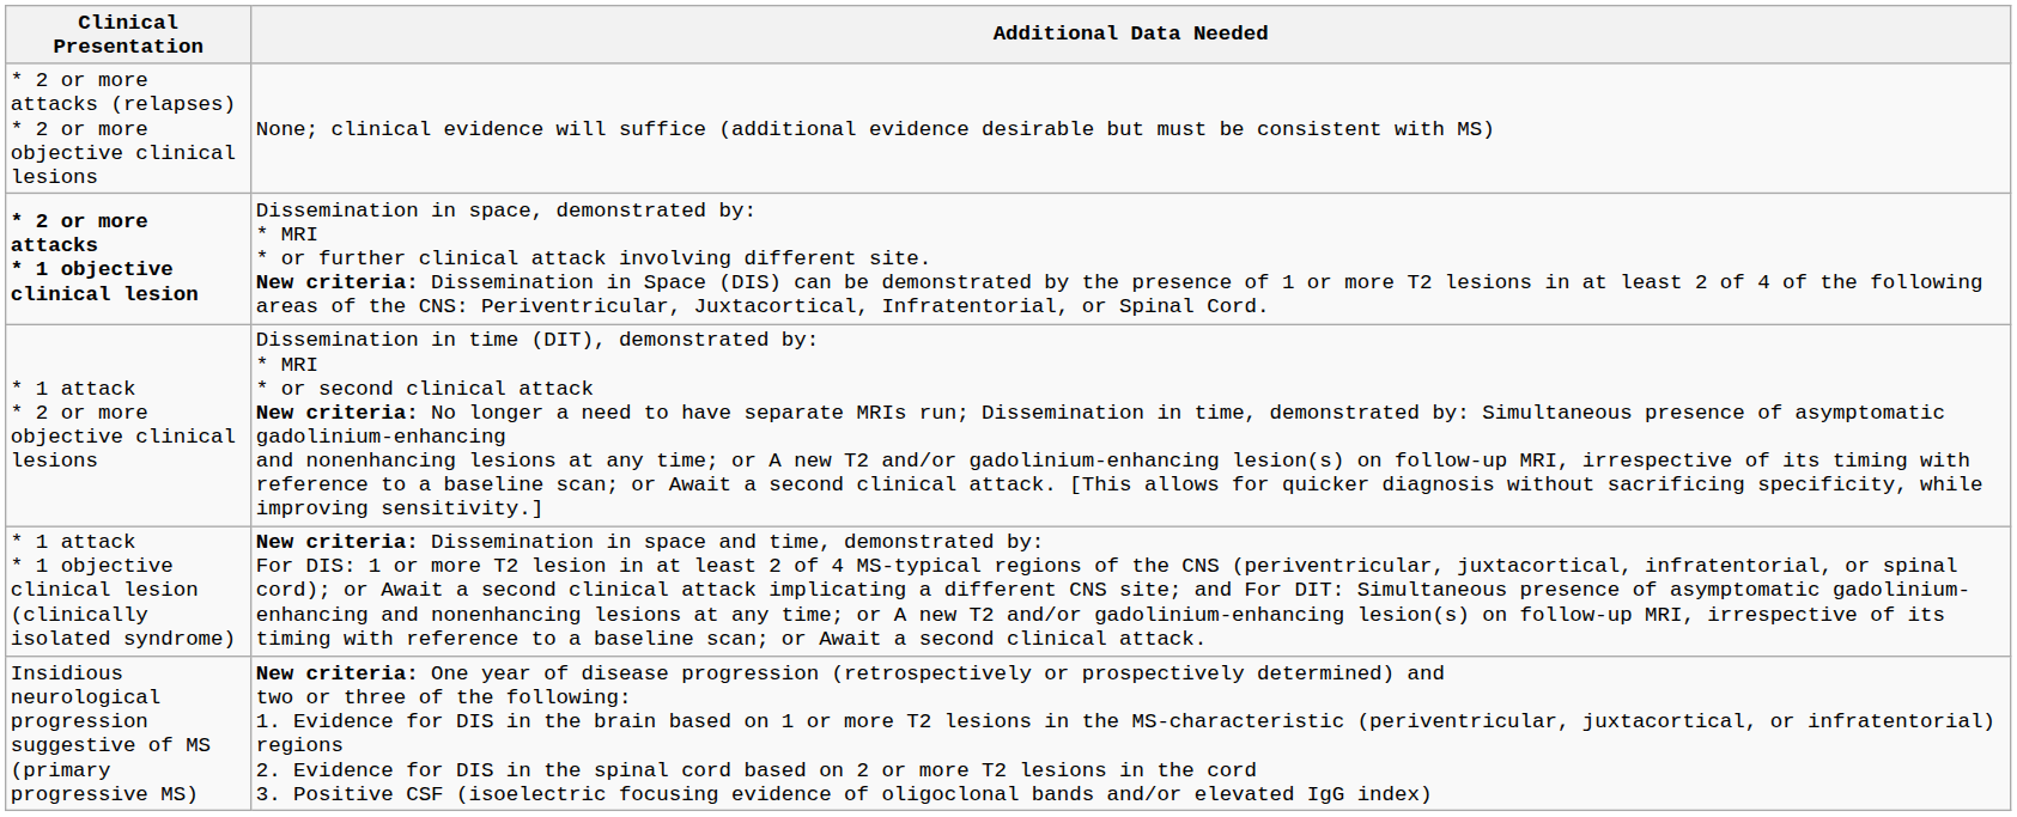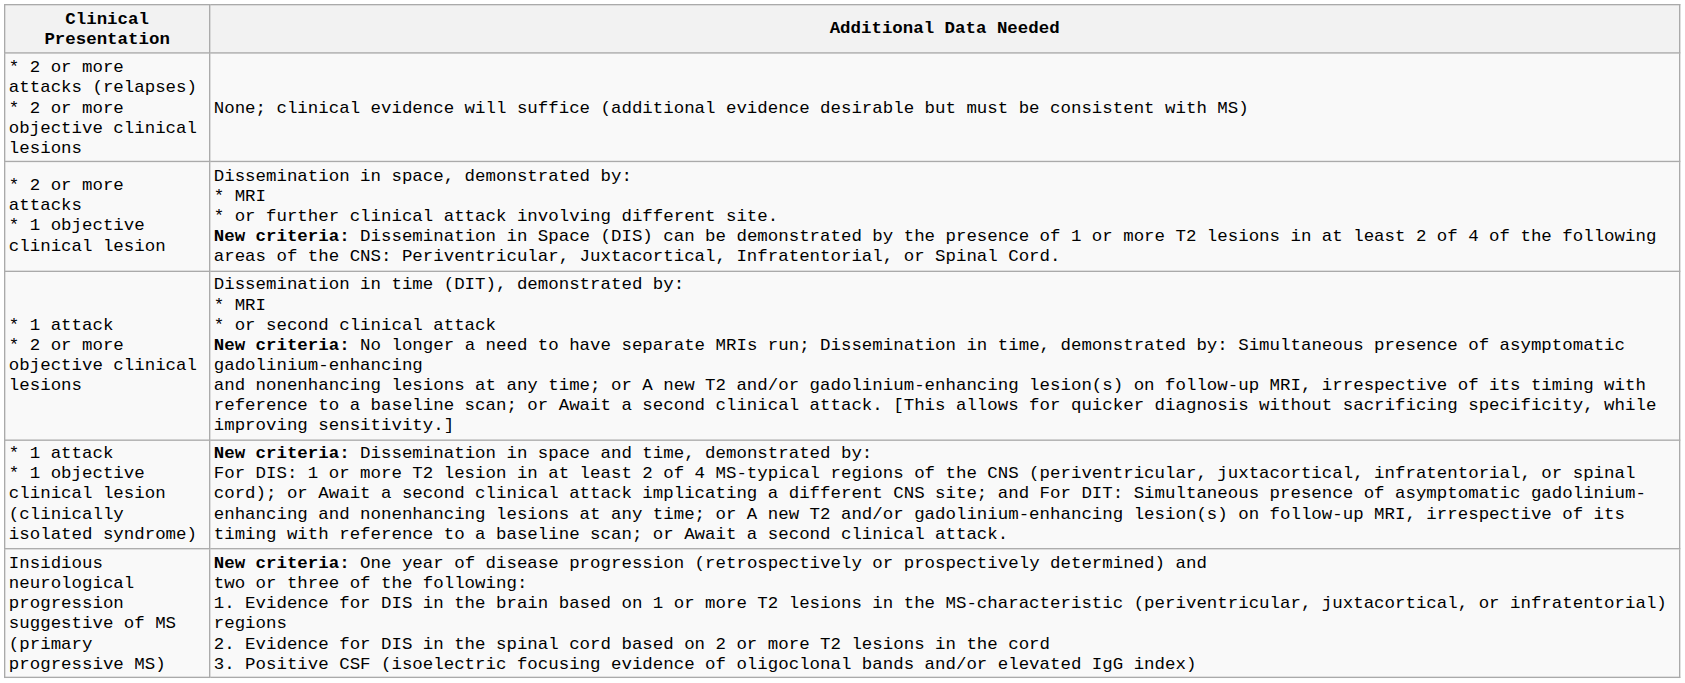 <table class="wikitable">
 <tr>
 <th>Clinical Presentation</th>
 <th>Additional Data Needed</th>
 </tr>
 <tr>
 <td>* 2 or more attacks (relapses) <br>   * 2 or more objective clinical lesions</td>
 <td>None; clinical evidence will suffice (additional evidence desirable but must be consistent with MS)</td>
 </tr>
 <tr>
-<td><strong>* 2 or more attacks <br> * 1 objective clinical lesion</strong></td>
+<td>* 2 or more attacks <br> * 1 objective clinical lesion</td>
 <td>Dissemination in space, demonstrated by: <br>  * MRI <br> * or further clinical attack involving different site. <br> <strong>New criteria:</strong> Dissemination in Space (DIS) can be demonstrated by the presence of 1 or more T2 lesions in at least 2 of 4 of the following areas of the CNS: Periventricular, Juxtacortical, Infratentorial, or Spinal Cord.</td>
 </tr>
 <tr>
 <td>* 1 attack <br> * 2 or more objective clinical lesions</td>
 <td>Dissemination in time (DIT), demonstrated by:<br>  * MRI <br>  * or second clinical attack <br> <strong>New criteria:</strong> No longer a need to have separate MRIs run; Dissemination in time, demonstrated by: Simultaneous presence of asymptomatic gadolinium-enhancing<br>and nonenhancing lesions at any time; or A new T2 and/or gadolinium-enhancing lesion(s) on follow-up MRI, irrespective of its timing with reference to a baseline scan; or Await a second clinical attack. [This allows for quicker diagnosis without sacrificing specificity, while improving sensitivity.]</td>
 </tr>
 <tr>
 <td>* 1 attack <br> * 1 objective clinical lesion <br>(clinically isolated syndrome)</td>
 <td><strong>New criteria:</strong> Dissemination in space and time, demonstrated by:<br>For DIS: 1 or more T2 lesion in at least 2 of 4 MS-typical regions of the CNS (periventricular, juxtacortical, infratentorial, or spinal cord); or Await a second clinical attack implicating a different CNS site; and For DIT: Simultaneous presence of asymptomatic gadolinium-enhancing and nonenhancing lesions at any time; or A new T2 and/or gadolinium-enhancing lesion(s) on follow-up MRI, irrespective of its timing with reference to a baseline scan; or Await a second clinical attack.</td>
 </tr>
 <tr>
 <td>Insidious neurological progression<br> suggestive of MS<br> (primary progressive MS)</td>
 <td><strong>New criteria:</strong> One year of disease progression (retrospectively or prospectively determined) and<br>two or three of the following:<br> 1. Evidence for DIS in the brain based on 1 or more T2 lesions in the MS-characteristic (periventricular, juxtacortical, or infratentorial) regions <br> 2. Evidence for DIS in the spinal cord based on 2 or more T2 lesions in the cord <br> 3. Positive CSF (isoelectric focusing evidence of oligoclonal bands and/or elevated IgG index) <br></td>
 </tr>
 </table>
